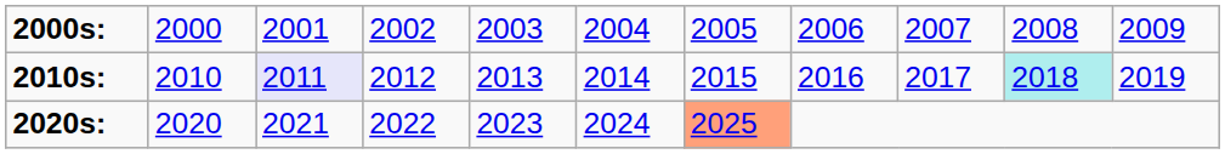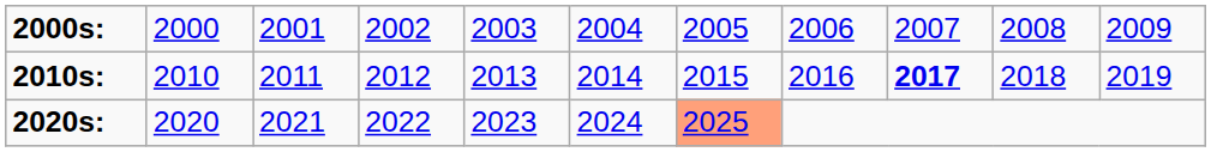 <table class="wikitable" style="width: 650px;">
 <tr>
 <td><strong>2000s:</strong></td>
 <td><a href='#'>2000</a></td>
 <td><a href='#'>2001</a></td>
 <td><a href='#'>2002</a></td>
 <td><a href='#'>2003</a></td>
 <td><a href='#'>2004</a></td>
 <td><a href='#'>2005</a></td>
 <td><a href='#'>2006</a></td>
 <td><a href='#'>2007</a></td>
 <td><a href='#'>2008</a></td>
 <td><a href='#'>2009</a></td>
 </tr>
 <tr>
 <td><strong>2010s:</strong></td>
 <td><a href='#'>2010</a></td>
-<td style="background: lavender;"><a href='#'>2011</a></td>
+<td><a href='#'>2011</a></td>
 <td><a href='#'>2012</a></td>
 <td><a href='#'>2013</a></td>
 <td><a href='#'>2014</a></td>
 <td><a href='#'>2015</a></td>
 <td><a href='#'>2016</a></td>
-<td><a href='#'>2017</a></td>
-<td style="background: paleturquoise;"><a href='#'>2018</a></td>
+<td><strong><a href='#'>2017</a></strong></td>
+<td><a href='#'>2018</a></td>
 <td><a href='#'>2019</a></td>
 </tr>
 <tr>
 <td><strong>2020s:</strong></td>
 <td><a href='#'>2020</a></td>
 <td><a href='#'>2021</a></td>
 <td><a href='#'>2022</a></td>
 <td><a href='#'>2023</a></td>
 <td><a href='#'>2024</a></td>
 <td style="background: lightsalmon;"><a href='#'>2025</a></td>
 </tr>
 </table>
